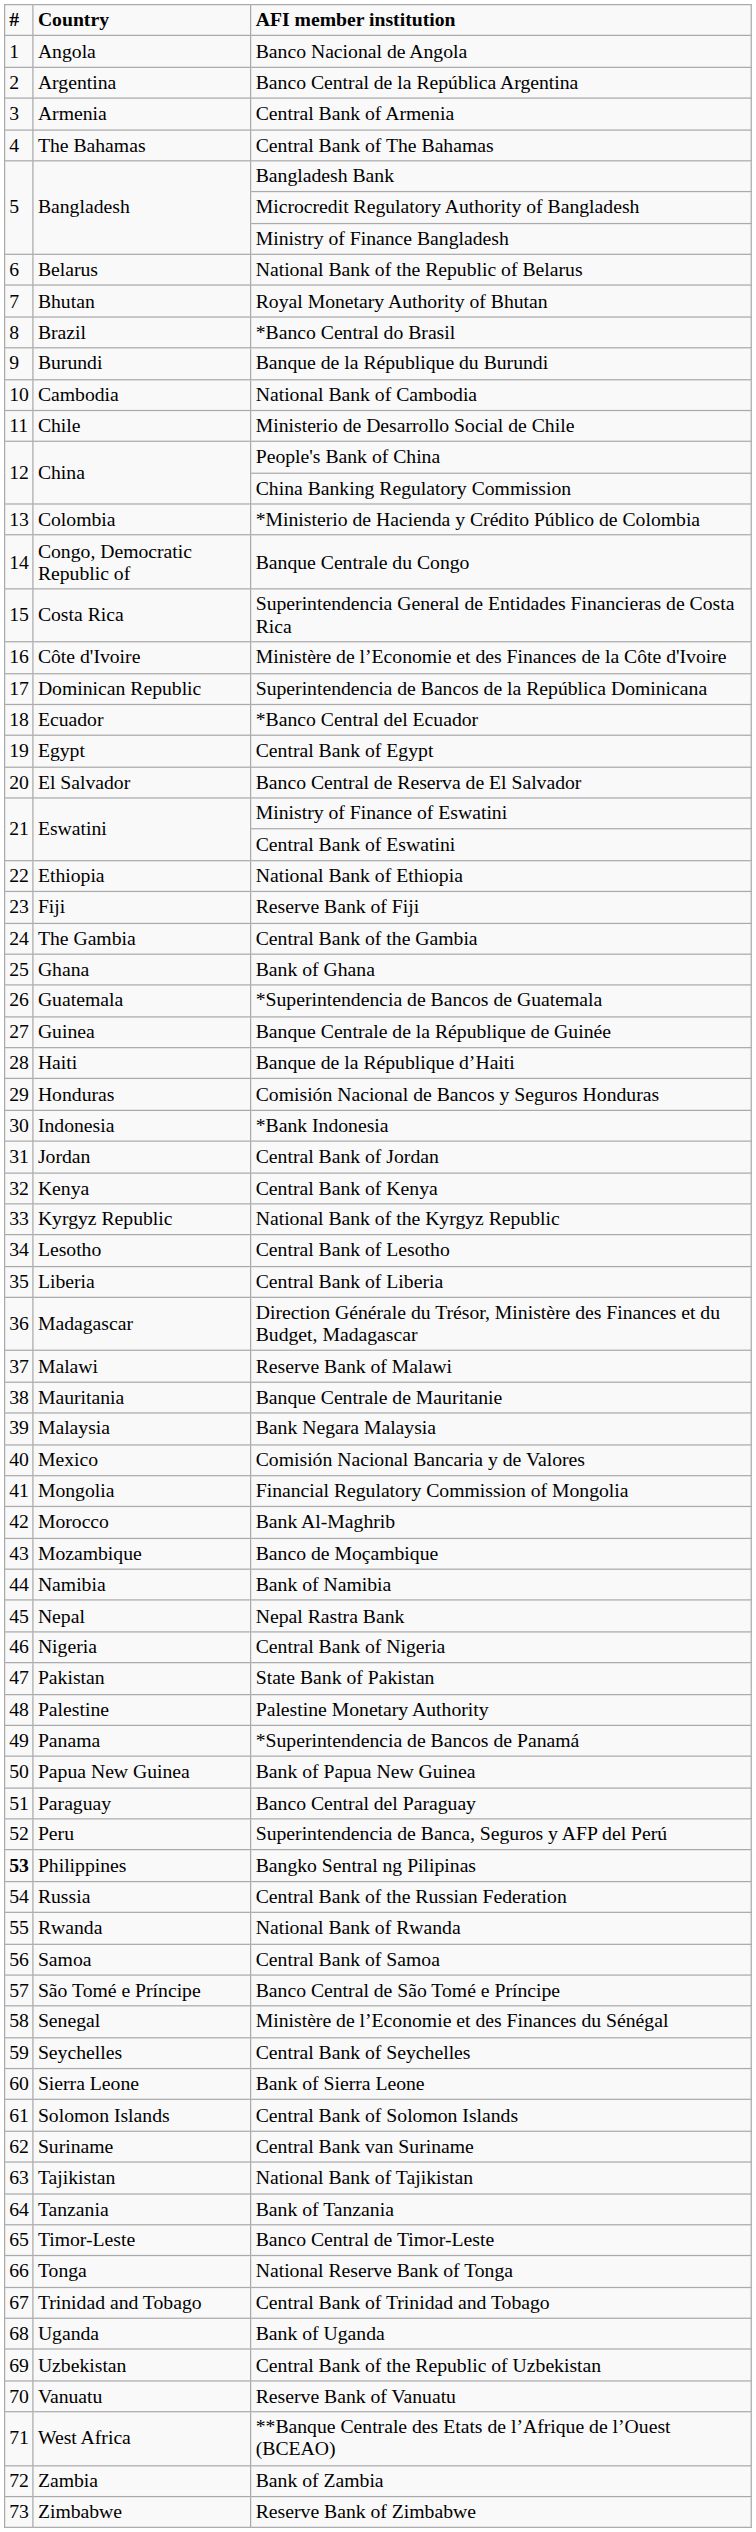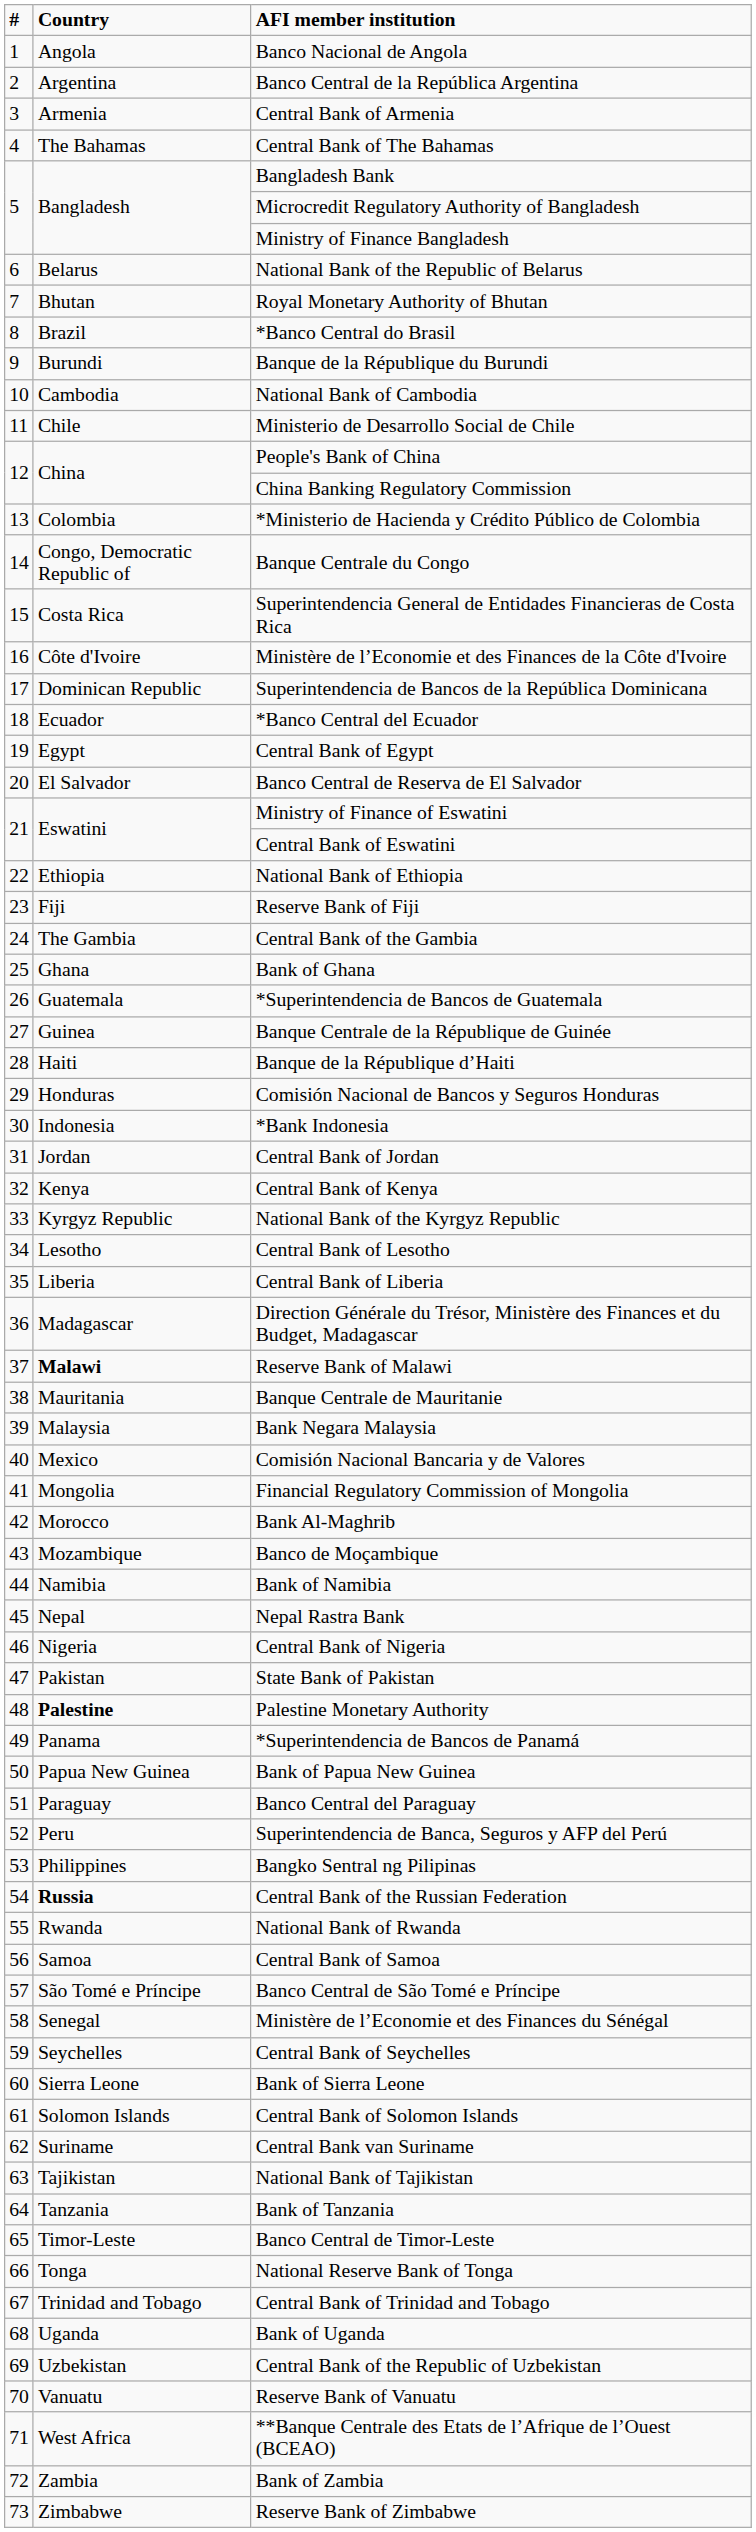 <table class="wikitable">
 <tr>
 <td><strong>#</strong></td>
 <td><strong>Country</strong></td>
 <td><strong>AFI member institution</strong></td>
 </tr>
 <tr>
 <td>1</td>
 <td>Angola</td>
 <td>Banco Nacional de Angola  </td>
 </tr>
 <tr>
 <td>2</td>
 <td>Argentina</td>
 <td>Banco Central de la República Argentina</td>
 </tr>
 <tr>
 <td>3</td>
 <td>Armenia</td>
 <td>Central Bank of Armenia</td>
 </tr>
 <tr>
 <td>4</td>
 <td>The Bahamas</td>
 <td>Central Bank of The Bahamas</td>
 </tr>
 <tr>
 <td rowspan="3">5</td>
 <td rowspan="3">Bangladesh</td>
 <td>Bangladesh Bank</td>
 </tr>
 <tr>
 <td>Microcredit Regulatory Authority of Bangladesh</td>
 </tr>
 <tr>
 <td>Ministry of Finance Bangladesh</td>
 </tr>
 <tr>
 <td>6</td>
 <td>Belarus</td>
 <td>National Bank of the Republic of Belarus</td>
 </tr>
 <tr>
 <td>7</td>
 <td>Bhutan</td>
 <td>Royal Monetary Authority of Bhutan  </td>
 </tr>
 <tr>
 <td>8</td>
 <td>Brazil</td>
 <td>*Banco Central do Brasil</td>
 </tr>
 <tr>
 <td>9</td>
 <td>Burundi</td>
 <td>Banque de la République du Burundi</td>
 </tr>
 <tr>
 <td>10</td>
 <td>Cambodia</td>
 <td>National Bank of Cambodia</td>
 </tr>
 <tr>
 <td>11</td>
 <td>Chile</td>
 <td>Ministerio de Desarrollo Social de Chile</td>
 </tr>
 <tr>
 <td rowspan="2">12</td>
 <td rowspan="2">China</td>
 <td>People's Bank of China</td>
 </tr>
 <tr>
 <td>China Banking Regulatory Commission  </td>
 </tr>
 <tr>
 <td>13</td>
 <td>Colombia</td>
 <td>*Ministerio de Hacienda y Crédito Público de Colombia</td>
 </tr>
 <tr>
 <td>14</td>
 <td>Congo, Democratic Republic of</td>
 <td>Banque Centrale du Congo</td>
 </tr>
 <tr>
 <td>15</td>
 <td>Costa Rica</td>
 <td>Superintendencia General  de Entidades Financieras de Costa Rica</td>
 </tr>
 <tr>
 <td>16</td>
 <td>Côte d'Ivoire</td>
 <td>Ministère de l’Economie et  des Finances de la Côte d'Ivoire</td>
 </tr>
 <tr>
 <td>17</td>
 <td>Dominican Republic</td>
 <td>Superintendencia de Bancos de la República Dominicana  </td>
 </tr>
 <tr>
 <td>18</td>
 <td>Ecuador</td>
 <td>*Banco Central del Ecuador  </td>
 </tr>
 <tr>
 <td>19</td>
 <td>Egypt</td>
 <td>Central Bank of Egypt</td>
 </tr>
 <tr>
 <td>20</td>
 <td>El Salvador</td>
 <td>Banco Central de Reserva de El  Salvador  </td>
 </tr>
 <tr>
 <td rowspan="2">21</td>
 <td rowspan="2">Eswatini</td>
 <td>Ministry of Finance of Eswatini</td>
 </tr>
 <tr>
 <td>Central Bank of Eswatini</td>
 </tr>
 <tr>
 <td>22</td>
 <td>Ethiopia</td>
 <td>National Bank of Ethiopia</td>
 </tr>
 <tr>
 <td>23</td>
 <td>Fiji</td>
 <td>Reserve Bank of Fiji</td>
 </tr>
 <tr>
 <td>24</td>
 <td>The Gambia</td>
 <td>Central Bank of the Gambia</td>
 </tr>
 <tr>
 <td>25</td>
 <td>Ghana</td>
 <td>Bank of Ghana</td>
 </tr>
 <tr>
 <td>26</td>
 <td>Guatemala</td>
 <td>*Superintendencia de Bancos de Guatemala</td>
 </tr>
 <tr>
 <td>27</td>
 <td>Guinea</td>
 <td>Banque Centrale de la République de Guinée</td>
 </tr>
 <tr>
 <td>28</td>
 <td>Haiti</td>
 <td>Banque de la République d’Haiti</td>
 </tr>
 <tr>
 <td>29</td>
 <td>Honduras</td>
 <td>Comisión Nacional de Bancos y Seguros Honduras  </td>
 </tr>
 <tr>
 <td>30</td>
 <td>Indonesia</td>
 <td>*Bank Indonesia  </td>
 </tr>
 <tr>
 <td>31</td>
 <td>Jordan  </td>
 <td>Central Bank of Jordan  </td>
 </tr>
 <tr>
 <td>32</td>
 <td>Kenya</td>
 <td>Central Bank of Kenya</td>
 </tr>
 <tr>
 <td>33</td>
 <td>Kyrgyz Republic</td>
 <td>National Bank of the Kyrgyz Republic</td>
 </tr>
 <tr>
 <td>34</td>
 <td>Lesotho</td>
 <td>Central Bank of Lesotho</td>
 </tr>
 <tr>
 <td>35</td>
 <td>Liberia  </td>
 <td>Central Bank of Liberia  </td>
 </tr>
 <tr>
 <td>36</td>
 <td>Madagascar  </td>
 <td>Direction Générale du Trésor, Ministère des Finances et du Budget, Madagascar</td>
 </tr>
 <tr>
 <td>37</td>
-<td>Malawi</td>
+<td><strong>Malawi</strong></td>
 <td>Reserve Bank of Malawi</td>
 </tr>
 <tr>
 <td>38</td>
 <td>Mauritania</td>
 <td>Banque Centrale de Mauritanie</td>
 </tr>
 <tr>
 <td>39</td>
 <td>Malaysia</td>
 <td>Bank  Negara Malaysia</td>
 </tr>
 <tr>
 <td>40</td>
 <td>Mexico</td>
 <td>Comisión Nacional Bancaria y de Valores</td>
 </tr>
 <tr>
 <td>41</td>
 <td>Mongolia</td>
 <td>Financial Regulatory Commission of Mongolia</td>
 </tr>
 <tr>
 <td>42</td>
 <td>Morocco</td>
 <td>Bank Al-Maghrib  </td>
 </tr>
 <tr>
 <td>43</td>
 <td>Mozambique</td>
 <td>Banco de Moçambique</td>
 </tr>
 <tr>
 <td>44</td>
 <td>Namibia  </td>
 <td>Bank of Namibia</td>
 </tr>
 <tr>
 <td>45</td>
 <td>Nepal</td>
 <td>Nepal Rastra Bank  </td>
 </tr>
 <tr>
 <td>46</td>
 <td>Nigeria</td>
 <td>Central Bank of Nigeria</td>
 </tr>
 <tr>
 <td>47</td>
 <td>Pakistan  </td>
 <td>State Bank of Pakistan</td>
 </tr>
 <tr>
 <td>48</td>
-<td>Palestine</td>
+<td><strong>Palestine</strong></td>
 <td>Palestine  Monetary Authority</td>
 </tr>
 <tr>
 <td>49</td>
 <td>Panama</td>
 <td>*Superintendencia de Bancos de Panamá</td>
 </tr>
 <tr>
 <td>50</td>
 <td>Papua New Guinea</td>
 <td>Bank of  Papua New Guinea</td>
 </tr>
 <tr>
 <td>51</td>
 <td>Paraguay</td>
 <td>Banco Central del Paraguay</td>
 </tr>
 <tr>
 <td>52</td>
 <td>Peru</td>
 <td>Superintendencia de Banca, Seguros y AFP del Perú</td>
 </tr>
 <tr>
-<td><strong>53</strong></td>
+<td>53</td>
 <td>Philippines</td>
 <td>Bangko Sentral ng Pilipinas</td>
 </tr>
 <tr>
 <td>54</td>
-<td>Russia</td>
+<td><strong>Russia</strong></td>
 <td>Central Bank of the Russian Federation  </td>
 </tr>
 <tr>
 <td>55</td>
 <td>Rwanda</td>
 <td>National Bank of Rwanda</td>
 </tr>
 <tr>
 <td>56</td>
 <td>Samoa</td>
 <td>Central Bank of Samoa</td>
 </tr>
 <tr>
 <td>57</td>
 <td>São Tomé e Príncipe  </td>
 <td>Banco Central de São Tomé e Príncipe</td>
 </tr>
 <tr>
 <td>58</td>
 <td>Senegal</td>
 <td>Ministère de l’Economie et des Finances du Sénégal</td>
 </tr>
 <tr>
 <td>59</td>
 <td>Seychelles</td>
 <td>Central Bank of Seychelles</td>
 </tr>
 <tr>
 <td>60</td>
 <td>Sierra Leone</td>
 <td>Bank of Sierra Leone</td>
 </tr>
 <tr>
 <td>61</td>
 <td>Solomon Islands</td>
 <td>Central Bank of Solomon Islands  </td>
 </tr>
 <tr>
 <td>62</td>
 <td>Suriname</td>
 <td>Central Bank van Suriname</td>
 </tr>
 <tr>
 <td>63</td>
 <td>Tajikistan  </td>
 <td>National Bank of Tajikistan</td>
 </tr>
 <tr>
 <td>64</td>
 <td>Tanzania</td>
 <td>Bank of Tanzania</td>
 </tr>
 <tr>
 <td>65</td>
 <td>Timor-Leste</td>
 <td>Banco Central de Timor-Leste</td>
 </tr>
 <tr>
 <td>66</td>
 <td>Tonga</td>
 <td>National Reserve Bank of Tonga</td>
 </tr>
 <tr>
 <td>67</td>
 <td>Trinidad and Tobago</td>
 <td>Central Bank of Trinidad and Tobago</td>
 </tr>
 <tr>
 <td>68</td>
 <td>Uganda</td>
 <td>Bank of Uganda</td>
 </tr>
 <tr>
 <td>69</td>
 <td>Uzbekistan</td>
 <td>Central Bank of the Republic of Uzbekistan</td>
 </tr>
 <tr>
 <td>70</td>
 <td>Vanuatu</td>
 <td>Reserve Bank of Vanuatu</td>
 </tr>
 <tr>
 <td>71</td>
 <td>West Africa</td>
 <td>**Banque Centrale des Etats de l’Afrique de l’Ouest (BCEAO)</td>
 </tr>
 <tr>
 <td>72</td>
 <td>Zambia</td>
 <td>Bank of Zambia</td>
 </tr>
 <tr>
 <td>73</td>
 <td>Zimbabwe</td>
 <td>Reserve Bank of Zimbabwe</td>
 </tr>
 </table>
